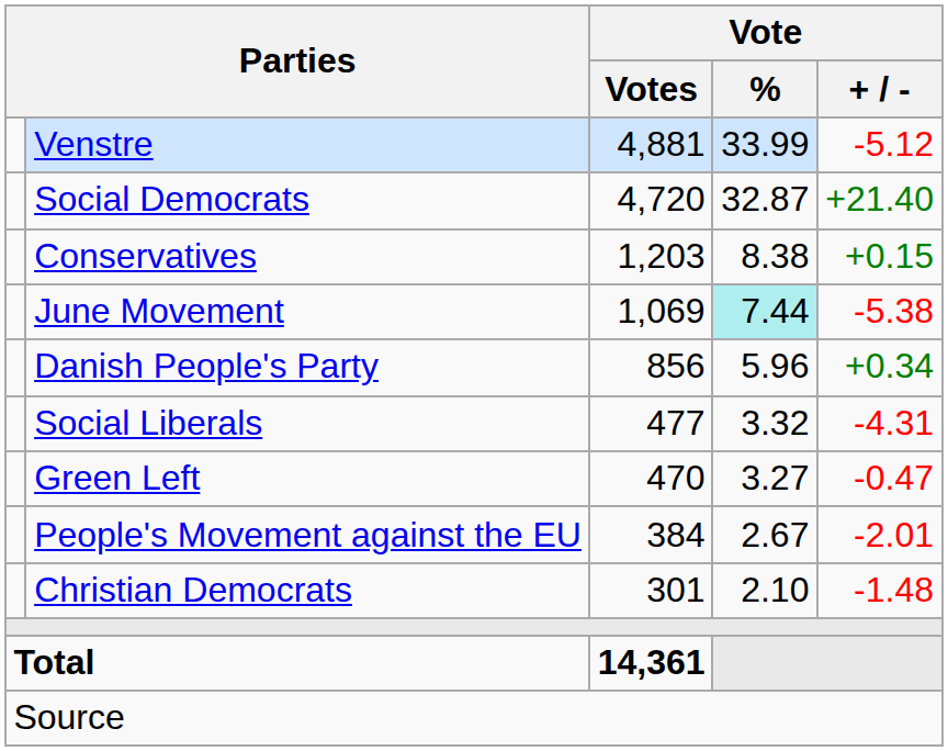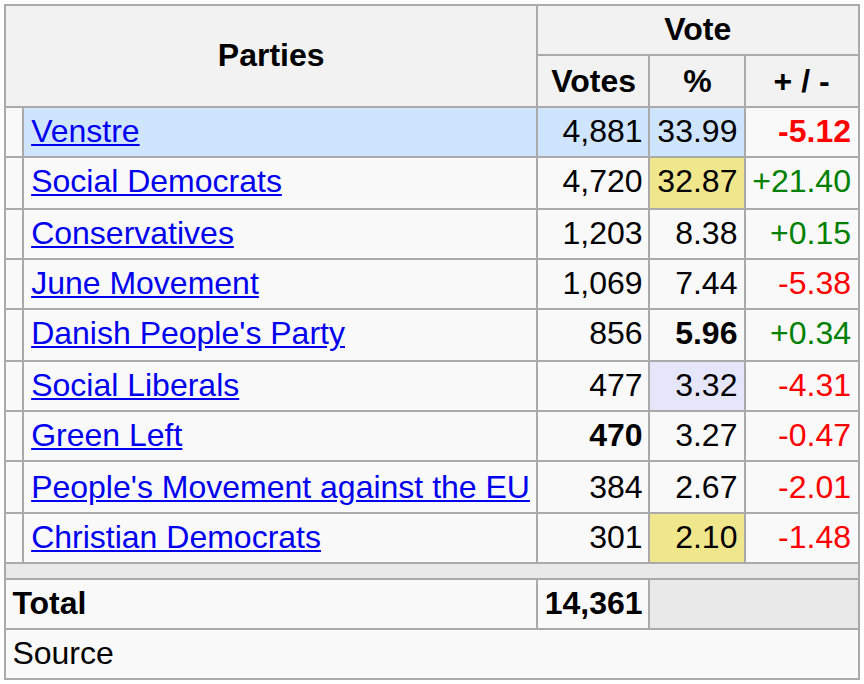 <table class="wikitable" style="text-align:right;">
 <tr>
 <th style="text-align:centre;" rowspan="2" colspan="2" width="225">Parties</th>
 <th colspan="3">Vote</th>
 </tr>
 <tr>
 <th width="15">Votes</th>
 <th width="15">%</th>
 <th width="15">+ / -</th>
 </tr>
 <tr>
 <td width="2" style="color:inherit;background:"></td>
 <td bgcolor=#cfe5fe   align="left"><a href='#'>Venstre</a></td>
 <td bgcolor=#cfe5fe>4,881</td>
 <td bgcolor=#cfe5fe>33.99</td>
-<td style=color:red;>-5.12</td>
+<td style=color:red;><strong>-5.12</strong></td>
 </tr>
 <tr>
 <td width="2" style="color:inherit;background:"></td>
 <td align="left"><a href='#'>Social Democrats</a></td>
 <td>4,720</td>
-<td>32.87</td>
+<td style="background: khaki;">32.87</td>
 <td style=color:green;>+21.40</td>
 </tr>
 <tr>
 <td width="2" style="color:inherit;background:"></td>
 <td align="left"><a href='#'>Conservatives</a></td>
 <td>1,203</td>
 <td>8.38</td>
 <td style=color:green;>+0.15</td>
 </tr>
 <tr>
 <td width="2" style="color:inherit;background:"></td>
 <td align="left"><a href='#'>June Movement</a></td>
 <td>1,069</td>
-<td style="background: paleturquoise;">7.44</td>
+<td>7.44</td>
 <td style=color:red;>-5.38</td>
 </tr>
 <tr>
 <td width="2" style="color:inherit;background:"></td>
 <td align="left"><a href='#'>Danish People's Party</a></td>
 <td>856</td>
-<td>5.96</td>
+<td><strong>5.96</strong></td>
 <td style=color:green;>+0.34</td>
 </tr>
 <tr>
 <td width="2" style="color:inherit;background:"></td>
 <td align="left"><a href='#'>Social Liberals</a></td>
 <td>477</td>
-<td>3.32</td>
+<td style="background: lavender;">3.32</td>
 <td style=color:red;>-4.31</td>
 </tr>
 <tr>
 <td width="2" style="color:inherit;background:"></td>
 <td align="left"><a href='#'>Green Left</a></td>
-<td>470</td>
+<td><strong>470</strong></td>
 <td>3.27</td>
 <td style=color:red;>-0.47</td>
 </tr>
 <tr>
 <td width="2" style="color:inherit;background:"></td>
 <td align="left"><a href='#'>People's Movement against the EU</a></td>
 <td>384</td>
 <td>2.67</td>
 <td style=color:red;>-2.01</td>
 </tr>
 <tr>
 <td width="2" style="color:inherit;background:"></td>
 <td align="left"><a href='#'>Christian Democrats</a></td>
 <td>301</td>
-<td>2.10</td>
+<td style="background: khaki;">2.10</td>
 <td style=color:red;>-1.48</td>
 </tr>
 <tr>
 <td colspan="7" bgcolor="#E9E9E9"></td>
 </tr>
 <tr>
 <td align="left" colspan="2"><strong>Total</strong></td>
 <td><strong>14,361</strong></td>
 <td bgcolor="#E9E9E9" colspan="2"></td>
 </tr>
 <tr>
 <td align="left" colspan="6">Source</td>
 </tr>
 </table>
